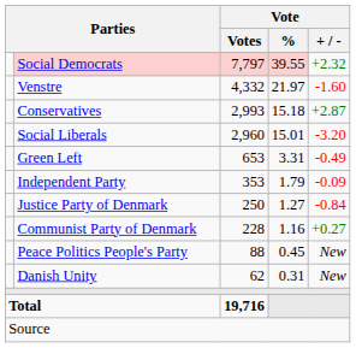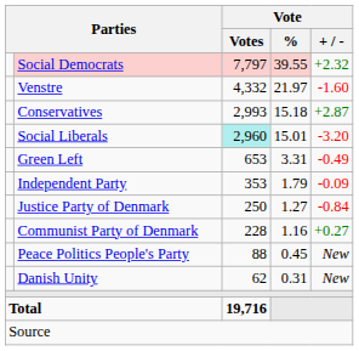 <table class="wikitable" style="text-align:right;">
 <tr>
 <th style="text-align:centre;" rowspan="2" colspan="2" width="225">Parties</th>
 <th colspan="3">Vote</th>
 </tr>
 <tr>
 <th width="15">Votes</th>
 <th width="15">%</th>
 <th width="15">+ / -</th>
 </tr>
 <tr>
 <td width="2" style="color:inherit;background:"></td>
 <td bgcolor=#fbd0ce  align="left"><a href='#'>Social Democrats</a></td>
 <td bgcolor=#fbd0ce>7,797</td>
 <td bgcolor=#fbd0ce>39.55</td>
 <td style=color:green;>+2.32</td>
 </tr>
 <tr>
 <td width="2" style="color:inherit;background:"></td>
 <td align="left"><a href='#'>Venstre</a></td>
 <td>4,332</td>
 <td>21.97</td>
 <td style=color:red;>-1.60</td>
 </tr>
 <tr>
 <td width="2" style="color:inherit;background:"></td>
 <td align="left"><a href='#'>Conservatives</a></td>
 <td>2,993</td>
 <td>15.18</td>
 <td style=color:green;>+2.87</td>
 </tr>
 <tr>
 <td width="2" style="color:inherit;background:"></td>
 <td align="left"><a href='#'>Social Liberals</a></td>
-<td>2,960</td>
+<td style="background: paleturquoise;">2,960</td>
 <td>15.01</td>
 <td style=color:red;>-3.20</td>
 </tr>
 <tr>
 <td width="2" style="color:inherit;background:"></td>
 <td align="left"><a href='#'>Green Left</a></td>
 <td>653</td>
 <td>3.31</td>
 <td style=color:red;>-0.49</td>
 </tr>
 <tr>
 <td width="2" style="color:inherit;background:"></td>
 <td align="left"><a href='#'>Independent Party</a></td>
 <td>353</td>
 <td>1.79</td>
 <td style=color:red;>-0.09</td>
 </tr>
 <tr>
 <td width="2" style="color:inherit;background:"></td>
 <td align="left"><a href='#'>Justice Party of Denmark</a></td>
 <td>250</td>
 <td>1.27</td>
 <td style=color:red;>-0.84</td>
 </tr>
 <tr>
 <td width="2" style="color:inherit;background:"></td>
 <td align="left"><a href='#'>Communist Party of Denmark</a></td>
 <td>228</td>
 <td>1.16</td>
 <td style=color:green;>+0.27</td>
 </tr>
 <tr>
 <td width="2" style="color:inherit;background:"></td>
 <td align="left"><a href='#'>Peace Politics People's Party</a></td>
 <td>88</td>
 <td>0.45</td>
 <td><em>New</em></td>
 </tr>
 <tr>
 <td width="2" style="color:inherit;background:"></td>
 <td align="left"><a href='#'>Danish Unity</a></td>
 <td>62</td>
 <td>0.31</td>
 <td><em>New</em></td>
 </tr>
 <tr>
 <td colspan="7" bgcolor="#E9E9E9"></td>
 </tr>
 <tr>
 <td align="left" colspan="2"><strong>Total</strong></td>
 <td><strong>19,716</strong></td>
 <td bgcolor="#E9E9E9" colspan="2"></td>
 </tr>
 <tr>
 <td align="left" colspan="6">Source</td>
 </tr>
 </table>
